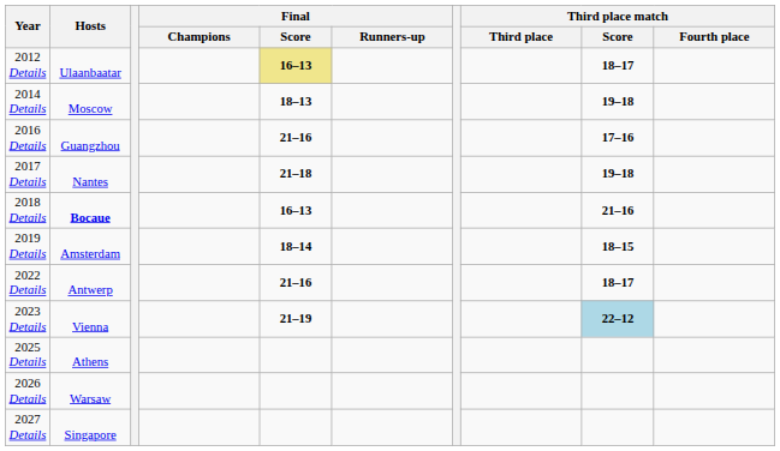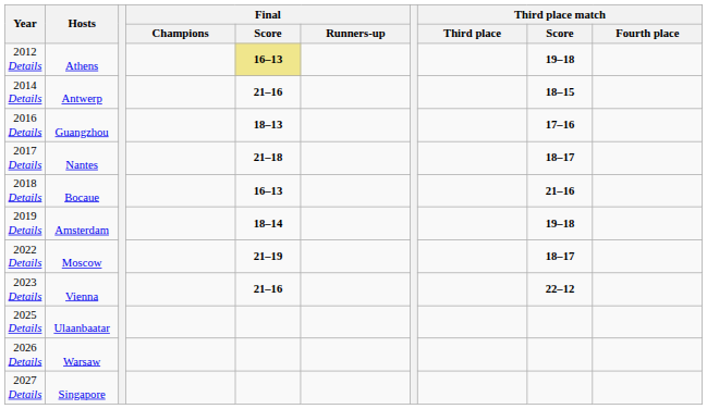 <table class="wikitable" style="font-size:90%; width: 98%; text-align: center;">
 <tr>
 <th rowspan=2 width=5%>Year</th>
 <th rowspan=2 width=10%>Hosts</th>
 <th width=1% rowspan=13 bgcolor=ffffff></th>
 <th colspan=3>Final</th>
 <th width=1% rowspan=13 bgcolor=ffffff></th>
 <th colspan=3>Third place match</th>
 </tr>
 <tr>
 <th width=15%>Champions</th>
 <th width=9%>Score</th>
 <th width=15%>Runners-up</th>
 <th width=15%>Third place</th>
 <th width=9%>Score</th>
 <th width=15%>Fourth place</th>
 </tr>
 <tr>
 <td>2012<br><em><a href='#'>Details</a></em></td>
-<td><br><a href='#'>Ulaanbaatar</a></td>
+<td><br><a href='#'>Athens</a></td>
 <td><strong></strong></td>
 <td style="background: khaki;"><strong>16–13</strong></td>
-<td></td>
-<td></td>
-<td><strong>18–17</strong></td>
-<td></td>
-</tr>
-<tr>
-<td>2014<br><em><a href='#'>Details</a></em></td>
-<td><br><a href='#'>Moscow</a></td>
-<td><strong></strong></td>
-<td><strong>18–13</strong></td>
 <td></td>
 <td></td>
 <td><strong>19–18</strong></td>
 <td></td>
 </tr>
 <tr>
+<td>2014<br><em><a href='#'>Details</a></em></td>
+<td><br><a href='#'>Antwerp</a></td>
+<td><strong></strong></td>
+<td><strong>21–16</strong></td>
+<td></td>
+<td></td>
+<td><strong>18–15</strong></td>
+<td></td>
+</tr>
+<tr>
 <td>2016<br><em><a href='#'>Details</a></em></td>
 <td><br><a href='#'>Guangzhou</a></td>
 <td><strong></strong></td>
-<td><strong>21–16</strong></td>
+<td><strong>18–13</strong></td>
 <td></td>
 <td></td>
 <td><strong>17–16</strong></td>
 <td></td>
 </tr>
 <tr>
 <td>2017<br><em><a href='#'>Details</a></em></td>
 <td><br><a href='#'>Nantes</a></td>
 <td><strong></strong></td>
 <td><strong>21–18</strong></td>
 <td></td>
 <td></td>
-<td><strong>19–18</strong></td>
+<td><strong>18–17</strong></td>
 <td></td>
 </tr>
 <tr>
 <td>2018<br><em><a href='#'>Details</a></em></td>
-<td><strong><br><a href='#'>Bocaue</a></strong></td>
+<td><br><a href='#'>Bocaue</a></td>
 <td><strong></strong></td>
 <td><strong>16–13</strong></td>
 <td></td>
 <td></td>
 <td><strong>21–16</strong></td>
 <td></td>
 </tr>
 <tr>
 <td>2019<br><em><a href='#'>Details</a></em></td>
 <td><br><a href='#'>Amsterdam</a></td>
 <td><strong></strong></td>
 <td><strong>18–14</strong></td>
 <td></td>
 <td></td>
-<td><strong>18–15</strong></td>
+<td><strong>19–18</strong></td>
 <td></td>
 </tr>
 <tr>
 <td>2022<br><em><a href='#'>Details</a></em></td>
-<td><br><a href='#'>Antwerp</a></td>
+<td><br><a href='#'>Moscow</a></td>
 <td><strong></strong></td>
-<td><strong>21–16</strong></td>
+<td><strong>21–19</strong></td>
 <td></td>
 <td></td>
 <td><strong>18–17</strong></td>
 <td></td>
 </tr>
 <tr>
 <td>2023<br><em><a href='#'>Details</a></em></td>
 <td><br><a href='#'>Vienna</a></td>
 <td><strong></strong></td>
-<td><strong>21–19</strong></td>
+<td><strong>21–16</strong></td>
 <td></td>
 <td></td>
-<td style="background: lightblue;"><strong>22–12</strong></td>
+<td><strong>22–12</strong></td>
 <td></td>
 </tr>
 <tr>
 <td>2025<br><em><a href='#'>Details</a></em></td>
-<td><br><a href='#'>Athens</a></td>
+<td><br><a href='#'>Ulaanbaatar</a></td>
 <td></td>
 <td></td>
 <td></td>
 <td></td>
 <td></td>
 <td></td>
 </tr>
 <tr>
 <td>2026<br><em><a href='#'>Details</a></em></td>
 <td><br><a href='#'>Warsaw</a></td>
 <td></td>
 <td></td>
 <td></td>
 <td></td>
 <td></td>
 <td></td>
 </tr>
 <tr>
 <td>2027<br><em><a href='#'>Details</a></em></td>
 <td><br><a href='#'>Singapore</a></td>
 <td></td>
 <td></td>
 <td></td>
 <td></td>
 <td></td>
 <td></td>
 </tr>
 </table>
